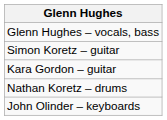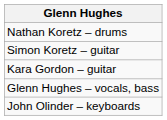 <table class="wikitable">
 <tr>
 <th>Glenn Hughes</th>
 </tr>
 <tr>
-<td>Glenn Hughes – vocals, bass</td>
+<td>Nathan Koretz – drums</td>
 </tr>
 <tr>
 <td>Simon Koretz – guitar</td>
 </tr>
 <tr>
 <td>Kara Gordon – guitar</td>
 </tr>
 <tr>
-<td>Nathan Koretz – drums</td>
+<td>Glenn Hughes – vocals, bass</td>
 </tr>
 <tr>
 <td>John Olinder – keyboards</td>
 </tr>
 </table>
